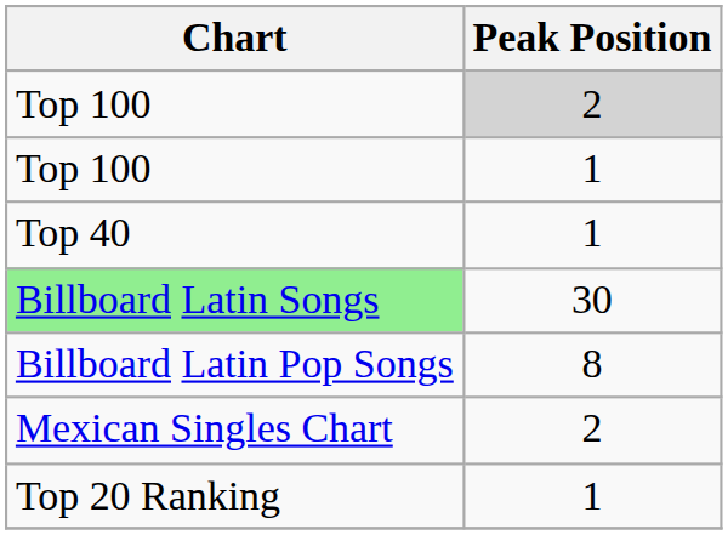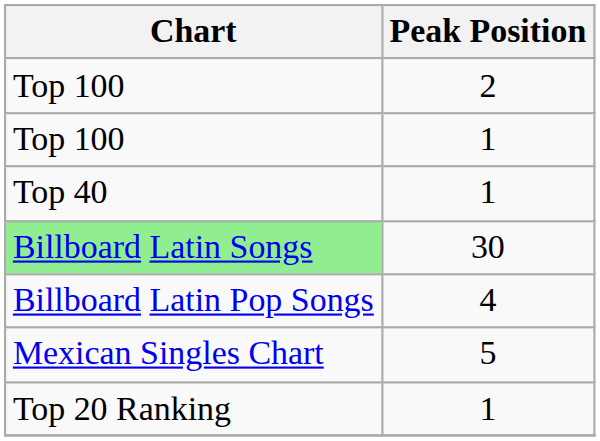 <table class="wikitable">
 <tr>
 <th>Chart</th>
 <th>Peak Position</th>
 </tr>
 <tr>
 <td> Top 100</td>
-<td align="center" style="background: lightgrey;">2</td>
+<td align="center">2</td>
 </tr>
 <tr>
 <td> Top 100</td>
 <td align="center">1</td>
 </tr>
 <tr>
 <td> Top 40</td>
 <td align="center">1</td>
 </tr>
 <tr>
 <td style="background: lightgreen;"> <a href='#'>Billboard</a> <a href='#'>Latin Songs</a></td>
 <td align="center">30</td>
 </tr>
 <tr>
 <td> <a href='#'>Billboard</a> <a href='#'>Latin Pop Songs</a></td>
-<td align="center">8</td>
+<td align="center">4</td>
 </tr>
 <tr>
 <td> <a href='#'>Mexican Singles Chart</a></td>
-<td align="center">2</td>
+<td align="center">5</td>
 </tr>
 <tr>
 <td> Top 20 Ranking</td>
 <td align="center">1</td>
 </tr>
 <tr>
 </tr>
 </table>
